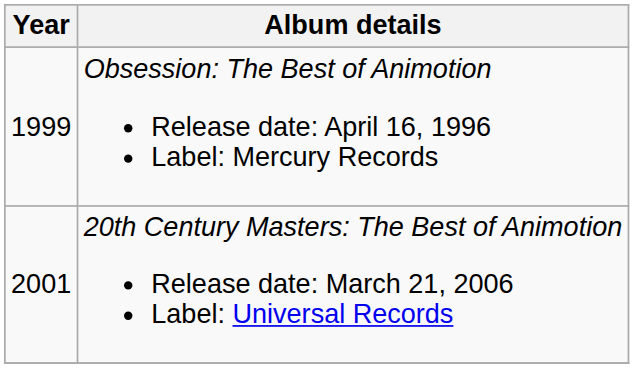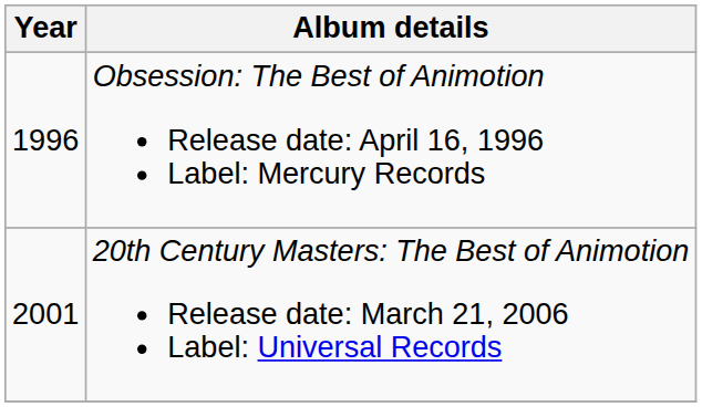 <table class="wikitable" style="text-align:center;">
 <tr>
 <th>Year</th>
 <th>Album details</th>
 </tr>
 <tr>
-<td>1999</td>
+<td>1996</td>
 <td align="left"><em>Obsession: The Best of Animotion</em><br><ul><li>Release date: April 16, 1996</li><li>Label: Mercury Records</li></ul></td>
 </tr>
 <tr>
 <td>2001</td>
 <td align="left"><em>20th Century Masters: The Best of Animotion</em><br><ul><li>Release date: March 21, 2006</li><li>Label: <a href='#'>Universal Records</a></li></ul></td>
 </tr>
 <tr>
 </tr>
 </table>
